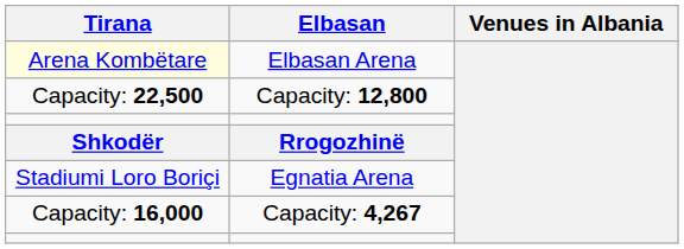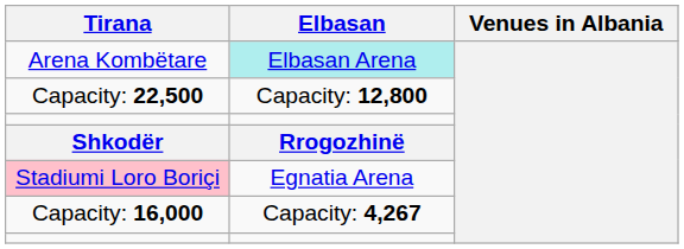 <table class="wikitable" style="text-align: center;">
 <tr>
 <th><a href='#'>Tirana</a></th>
 <th><a href='#'>Elbasan</a></th>
 <th>Venues in Albania</th>
 </tr>
 <tr>
-<td width=150px style="background: lightyellow;"><a href='#'>Arena Kombëtare</a></td>
-<td width=150px><a href='#'>Elbasan Arena</a></td>
+<td width=150px><a href='#'>Arena Kombëtare</a></td>
+<td width=150px style="background: paleturquoise;"><a href='#'>Elbasan Arena</a></td>
 <th rowspan="7" width="150px"></th>
 </tr>
 <tr>
 <td>Capacity: <strong>22,500</strong></td>
 <td>Capacity: <strong>12,800</strong></td>
 </tr>
 <tr>
 <td></td>
 <td></td>
 </tr>
 <tr>
 <th><a href='#'>Shkodër</a></th>
 <th><a href='#'>Rrogozhinë</a></th>
 </tr>
 <tr>
-<td><a href='#'>Stadiumi Loro Boriçi</a></td>
+<td style="background: pink;"><a href='#'>Stadiumi Loro Boriçi</a></td>
 <td><a href='#'>Egnatia Arena</a></td>
 </tr>
 <tr>
 <td>Capacity: <strong>16,000</strong></td>
 <td>Capacity: <strong>4,267</strong></td>
 </tr>
 <tr>
 <td></td>
 <td></td>
 </tr>
 </table>
